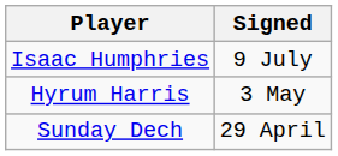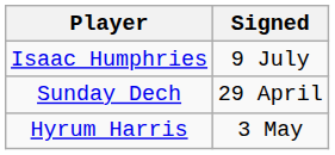 <table class="wikitable sortable sortable" style="text-align: center">
 <tr>
 <th>Player</th>
 <th>Signed</th>
 </tr>
 <tr>
 <td><a href='#'>Isaac Humphries</a></td>
 <td>9 July</td>
 </tr>
 <tr>
+<td><a href='#'>Sunday Dech</a></td>
+<td>29 April</td>
+</tr>
+<tr>
 <td><a href='#'>Hyrum Harris</a></td>
 <td>3 May</td>
 </tr>
-<tr>
-<td><a href='#'>Sunday Dech</a></td>
-<td>29 April</td>
-</tr>
 </table>
